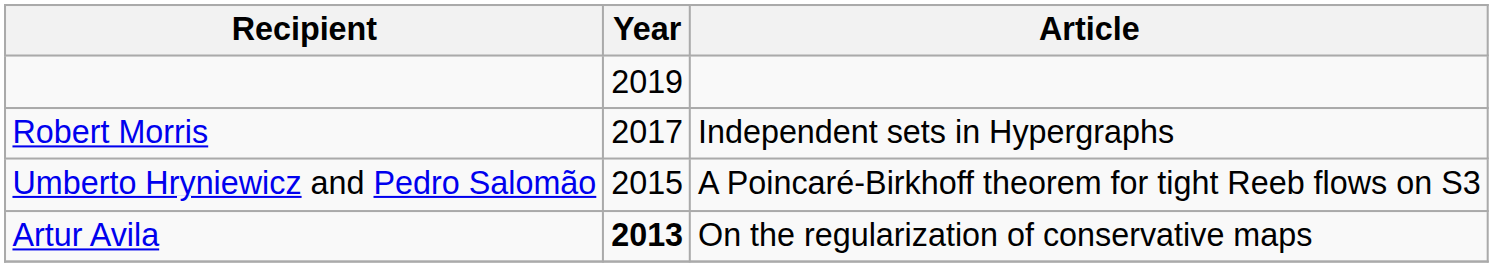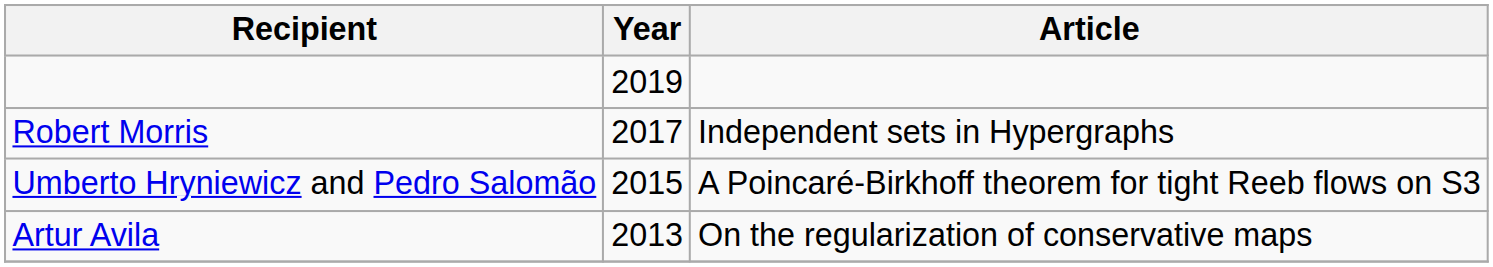 <table class="wikitable">
 <tr>
 <th>Recipient</th>
 <th>Year</th>
 <th>Article</th>
 </tr>
 <tr>
 <td></td>
 <td>2019</td>
 <td></td>
 </tr>
 <tr>
 <td><a href='#'>Robert Morris</a></td>
 <td>2017</td>
 <td>Independent sets in Hypergraphs</td>
 </tr>
 <tr>
 <td><a href='#'>Umberto Hryniewicz</a> and <a href='#'>Pedro Salomão</a></td>
 <td>2015</td>
 <td>A Poincaré-Birkhoff theorem for tight Reeb flows on S3</td>
 </tr>
 <tr>
 <td><a href='#'>Artur Avila</a></td>
-<td><strong>2013</strong></td>
+<td>2013</td>
 <td>On the regularization of conservative maps</td>
 </tr>
 <tr>
 </tr>
 </table>
